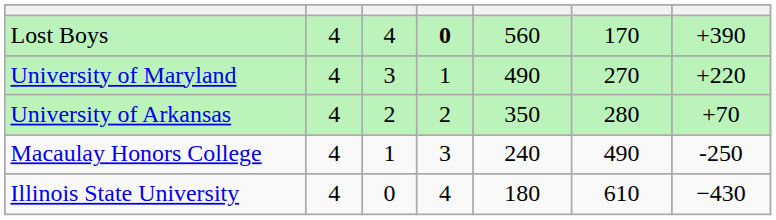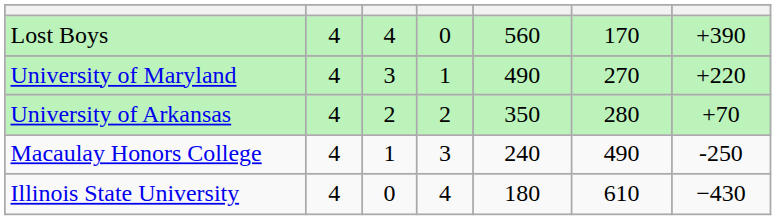 <table class="wikitable" style="text-align: center; font-size: 85%;">
 <tr>
 <th width=165></th>
 <th width=25></th>
 <th width=25></th>
 <th width=25></th>
 <th width=50></th>
 <th width=50></th>
 <th width=50></th>
 </tr>
 <tr style="background:#BBF3BB;">
 <td style="text-align:left;">Lost Boys</td>
 <td>4</td>
 <td>4</td>
-<td><strong>0</strong></td>
+<td>0</td>
 <td>560</td>
 <td>170</td>
 <td>+390</td>
 </tr>
 <tr style="background:#BBF3BB;">
 <td style="text-align:left;"><a href='#'>University of Maryland</a></td>
 <td>4</td>
 <td>3</td>
 <td>1</td>
 <td>490</td>
 <td>270</td>
 <td>+220</td>
 </tr>
 <tr style="background:#BBF3BB;">
 <td style="text-align:left;"><a href='#'>University of Arkansas</a></td>
 <td>4</td>
 <td>2</td>
 <td>2</td>
 <td>350</td>
 <td>280</td>
 <td>+70</td>
 </tr>
 <tr>
 <td style="text-align:left;"><a href='#'>Macaulay Honors College</a></td>
 <td>4</td>
 <td>1</td>
 <td>3</td>
 <td>240</td>
 <td>490</td>
 <td>-250</td>
 </tr>
 <tr>
 <td style="text-align:left;"><a href='#'>Illinois State University</a></td>
 <td>4</td>
 <td>0</td>
 <td>4</td>
 <td>180</td>
 <td>610</td>
 <td>−430</td>
 </tr>
 </table>
